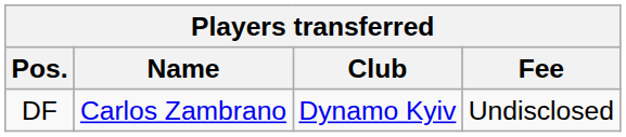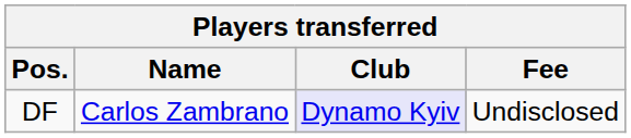 <table class="wikitable" style="font-size:95%;">
 <tr>
 <th colspan="5">Players transferred</th>
 </tr>
 <tr>
 <th>Pos.</th>
 <th>Name</th>
 <th>Club</th>
 <th>Fee</th>
 </tr>
 <tr>
 <td align="center">DF</td>
 <td> <a href='#'>Carlos Zambrano</a></td>
-<td> <a href='#'>Dynamo Kyiv</a></td>
+<td style="background: lavender;"> <a href='#'>Dynamo Kyiv</a></td>
 <td>Undisclosed</td>
 </tr>
 </table>
